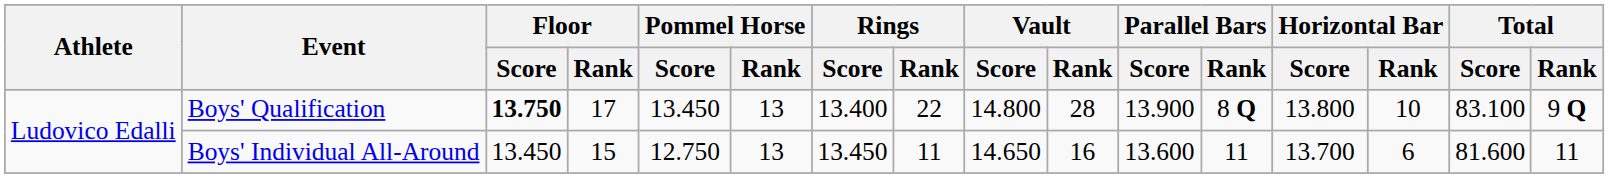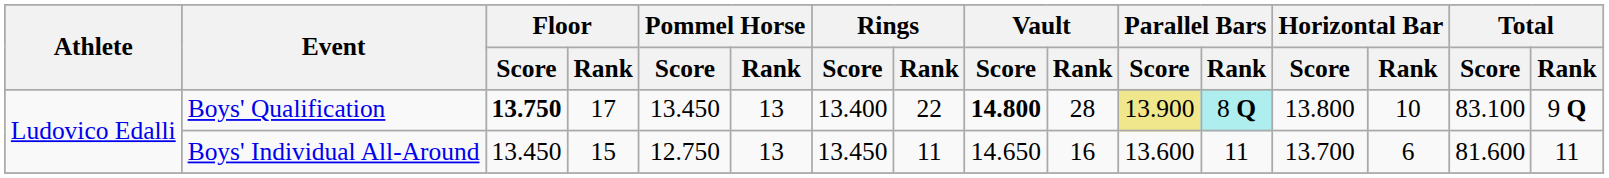 <table class="wikitable" border="1" style="font-size:90%">
 <tr>
 <th rowspan=2>Athlete</th>
 <th rowspan=2>Event</th>
 <th colspan=2>Floor</th>
 <th colspan=2>Pommel Horse</th>
 <th colspan=2>Rings</th>
 <th colspan=2>Vault</th>
 <th colspan=2>Parallel Bars</th>
 <th colspan=2>Horizontal Bar</th>
 <th colspan=2>Total</th>
 </tr>
 <tr>
 <th>Score</th>
 <th>Rank</th>
 <th>Score</th>
 <th>Rank</th>
 <th>Score</th>
 <th>Rank</th>
 <th>Score</th>
 <th>Rank</th>
 <th>Score</th>
 <th>Rank</th>
 <th>Score</th>
 <th>Rank</th>
 <th>Score</th>
 <th>Rank</th>
 </tr>
 <tr>
 <td rowspan=2><a href='#'>Ludovico Edalli</a></td>
 <td><a href='#'>Boys' Qualification</a></td>
 <td align=center><strong>13.750</strong></td>
 <td align=center>17</td>
 <td align=center>13.450</td>
 <td align=center>13</td>
 <td align=center>13.400</td>
 <td align=center>22</td>
-<td align=center>14.800</td>
+<td align=center><strong>14.800</strong></td>
 <td align=center>28</td>
-<td align=center>13.900</td>
-<td align=center>8 <strong>Q</strong></td>
+<td align=center style="background: khaki;">13.900</td>
+<td align=center style="background: paleturquoise;">8 <strong>Q</strong></td>
 <td align=center>13.800</td>
 <td align=center>10</td>
 <td align=center>83.100</td>
 <td align=center>9 <strong>Q</strong></td>
 </tr>
 <tr>
 <td><a href='#'>Boys' Individual All-Around</a></td>
 <td align=center>13.450</td>
 <td align=center>15</td>
 <td align=center>12.750</td>
 <td align=center>13</td>
 <td align=center>13.450</td>
 <td align=center>11</td>
 <td align=center>14.650</td>
 <td align=center>16</td>
 <td align=center>13.600</td>
 <td align=center>11</td>
 <td align=center>13.700</td>
 <td align=center>6</td>
 <td align=center>81.600</td>
 <td align=center>11</td>
 </tr>
 </table>
